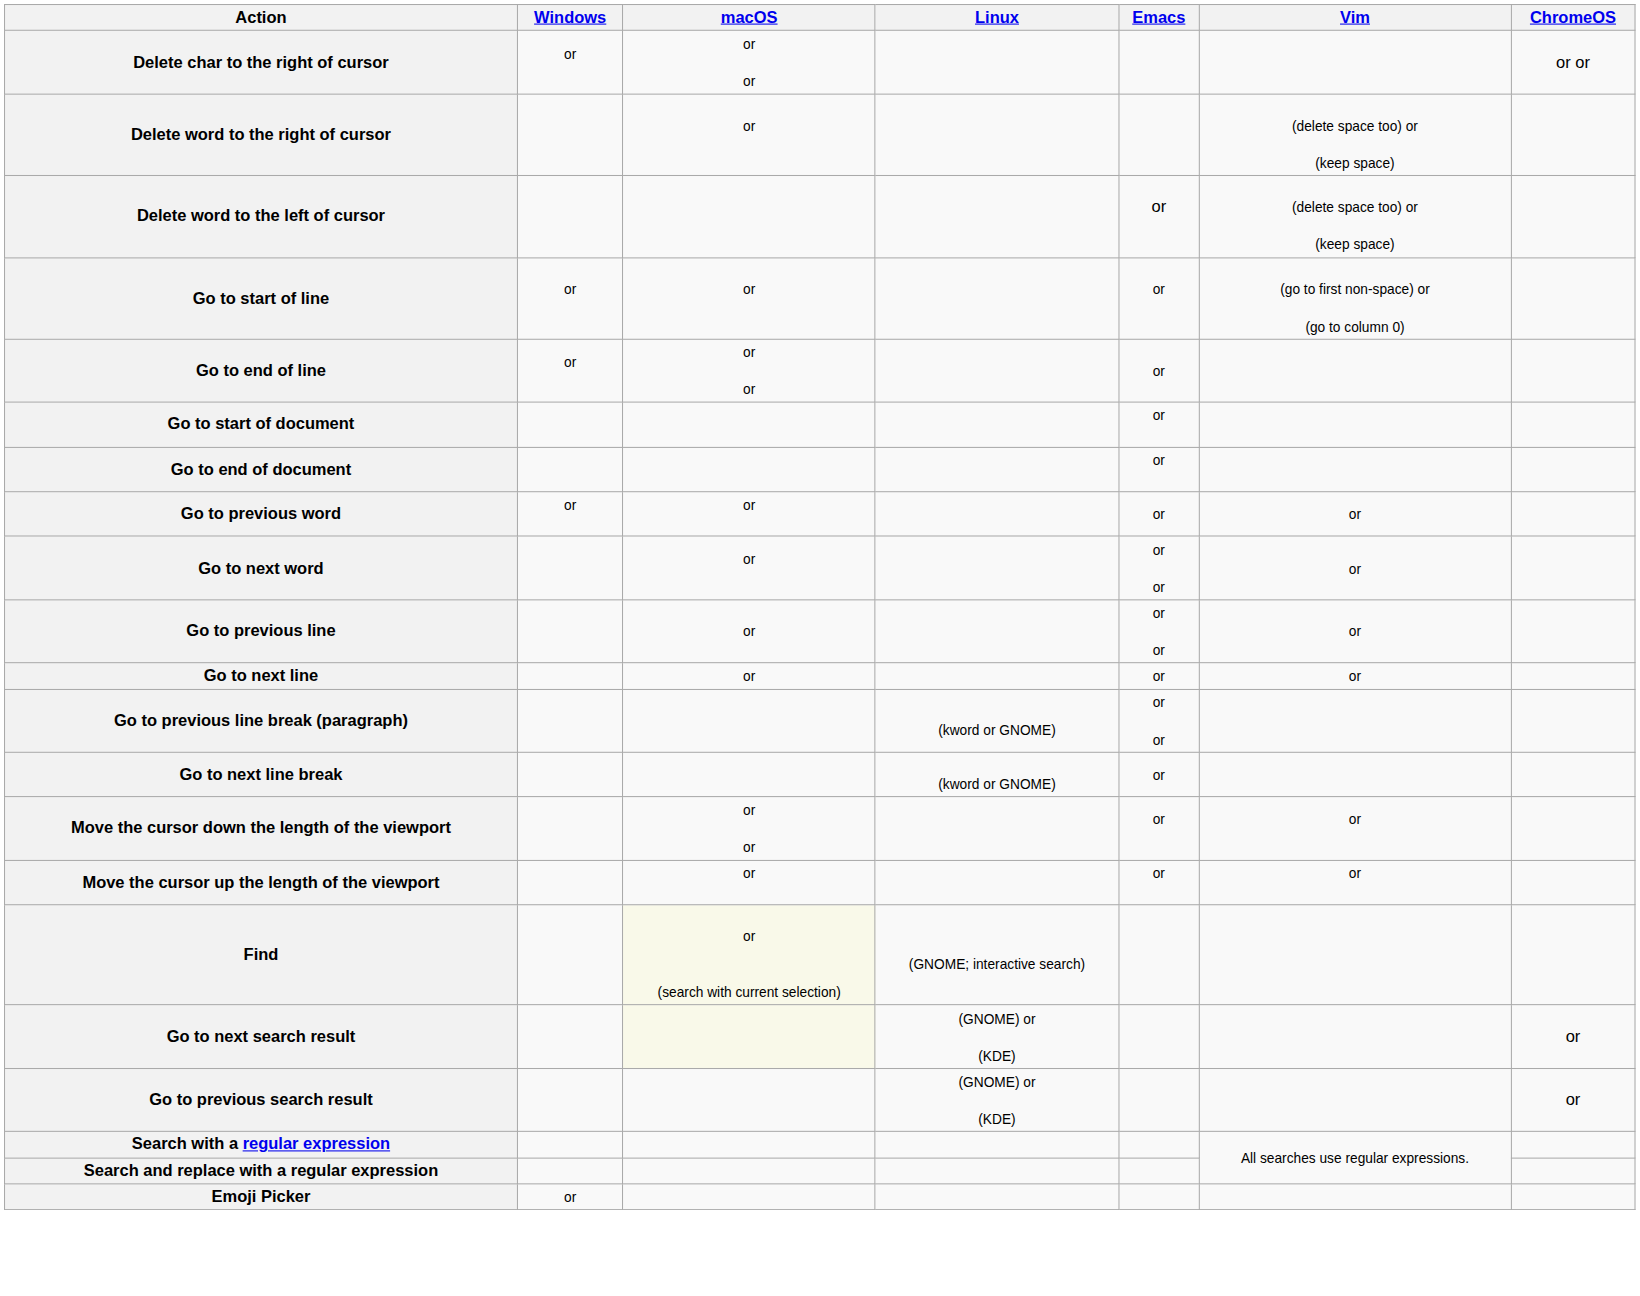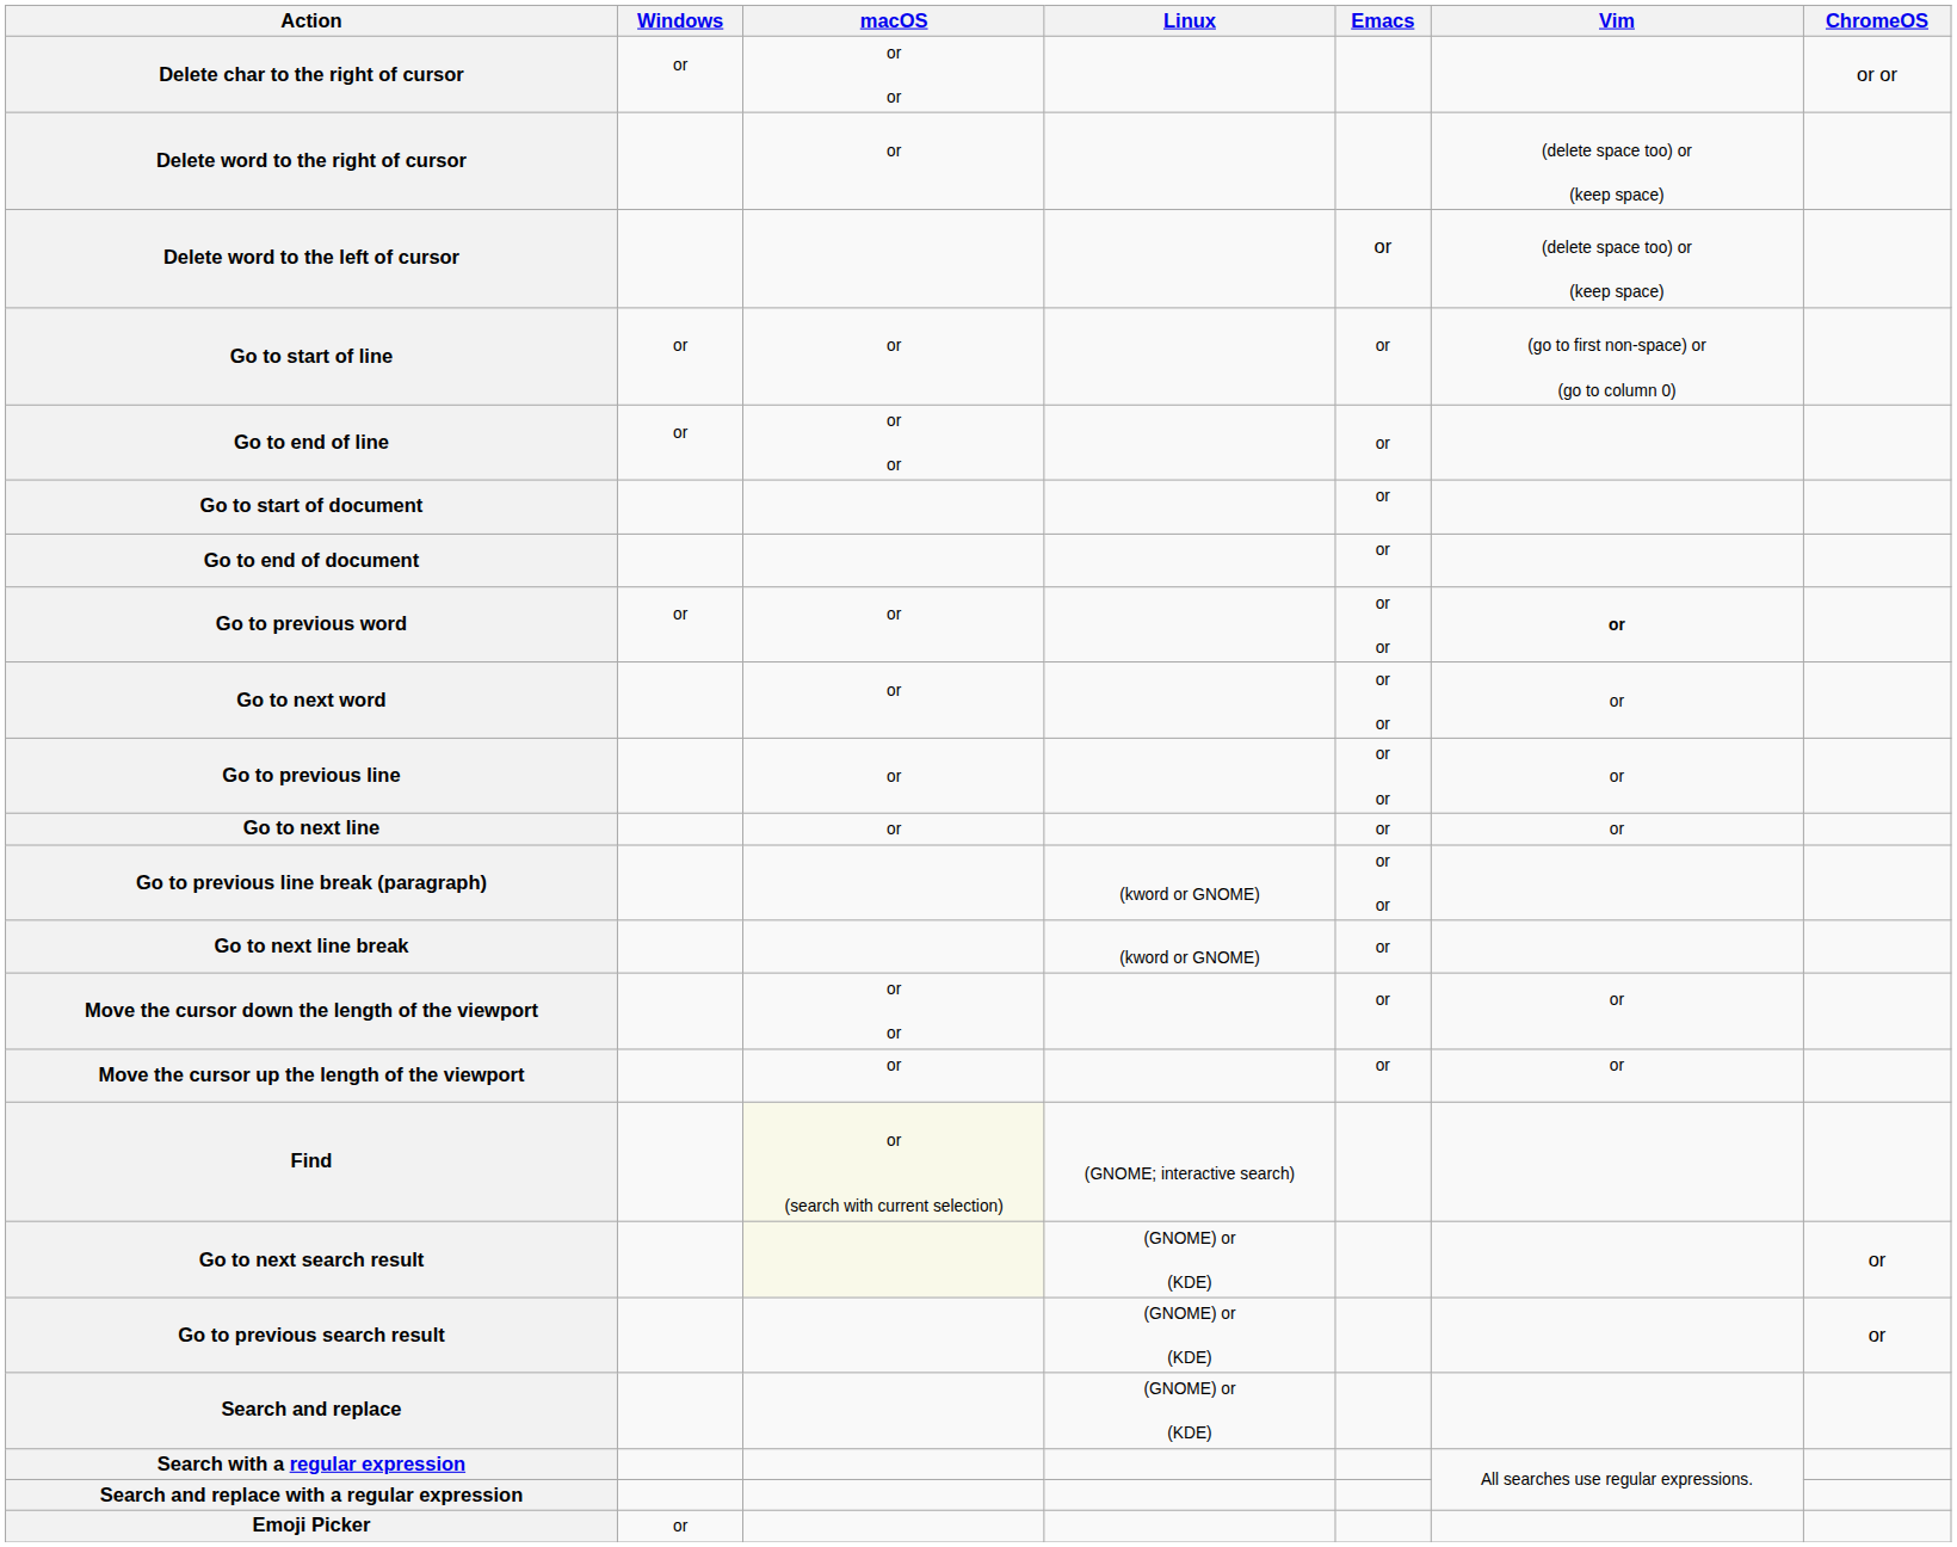 <table class="wikitable" style="width: 100%; text-align: center;">
 <tr>
 <th scope="col">Action</th>
 <th scope="col"><a href='#'>Windows</a></th>
 <th scope="col"><a href='#'>macOS</a></th>
 <th scope="col"><a href='#'>Linux</a></th>
 <th scope="col"><a href='#'>Emacs</a></th>
 <th scope="col"><a href='#'>Vim</a></th>
 <th scope="col"><a href='#'>ChromeOS</a></th>
 </tr>
 <tr>
 <th scope="row">Delete char to the right of cursor</th>
 <td> <small>or</small><br><br><small></small></td>
 <td> <small>or</small><br><br><small></small> <small>or</small><br> </td>
 <td></td>
 <td></td>
 <td></td>
 <td> or  or </td>
 </tr>
 <tr>
 <th scope="row">Delete word to the right of cursor</th>
 <td></td>
 <td> <small>or</small><br><br><small></small></td>
 <td></td>
 <td></td>
 <td><br> <small>(delete space too) or</small><br><br> <small>(keep space)</small></td>
 <td></td>
 </tr>
 <tr>
 <th scope="row">Delete word to the left of cursor</th>
 <td><small></small></td>
 <td><small></small></td>
 <td><small></small></td>
 <td><small></small> or<br><br><small></small></td>
 <td><br> <small>(delete space too) or</small><br><br> <small>(keep space)</small></td>
 <td></td>
 </tr>
 <tr>
 <th scope="row">Go to start of line</th>
 <td> <small>or</small><br><br></td>
 <td> <small>or</small><br><br></td>
 <td></td>
 <td> <small>or</small><br><br></td>
 <td><br> <small>(go to first non-space) or</small><br> <br> <small>(go to column 0)</small></td>
 <td></td>
 </tr>
 <tr>
 <th scope="row">Go to end of line</th>
 <td> <small>or</small><br><br></td>
 <td> <small>or</small><br><br><small></small> <small>or</small><br> </td>
 <td></td>
 <td> <br><small>or</small><br><br></td>
 <td></td>
 <td></td>
 </tr>
 <tr>
 <th scope="row">Go to start of document</th>
 <td></td>
 <td></td>
 <td></td>
 <td> <small>or</small><br><br></td>
 <td></td>
 <td></td>
 </tr>
 <tr>
 <th scope="row">Go to end of document</th>
 <td></td>
 <td></td>
 <td></td>
 <td> <small>or</small><br><br></td>
 <td></td>
 <td></td>
 </tr>
 <tr>
 <th scope="row">Go to previous word</th>
 <td> <small>or</small><br><br></td>
 <td> <small>or</small><br><br></td>
 <td></td>
-<td> <small>or</small> </td>
-<td> <small>or</small><br> </td>
+<td> <small>or</small><br><br> <small>or</small><br> </td>
+<td><strong> <small>or</small><br> </strong></td>
 <td></td>
 </tr>
 <tr>
 <th scope="row">Go to next word</th>
 <td></td>
 <td> <small>or</small><br><br></td>
 <td></td>
 <td> <small>or</small><br><br> <small>or</small><br> </td>
 <td> <small>or</small> </td>
 <td></td>
 </tr>
 <tr>
 <th scope="row">Go to previous line</th>
 <td></td>
 <td> <small>or</small><br> </td>
 <td></td>
 <td> <small>or</small><br><br> <small>or</small><br> </td>
 <td> <small>or</small> </td>
 <td></td>
 </tr>
 <tr>
 <th scope="row">Go to next line</th>
 <td></td>
 <td> <small>or</small><br> </td>
 <td></td>
 <td> <small>or</small> </td>
 <td> <small>or</small> </td>
 <td></td>
 </tr>
 <tr>
 <th scope="row">Go to previous line break (paragraph)</th>
 <td></td>
 <td></td>
 <td><br> <small>(kword or GNOME)</small></td>
 <td> <small>or</small><br><br> <small>or</small><br> </td>
 <td></td>
 <td></td>
 </tr>
 <tr>
 <th scope="row">Go to next line break</th>
 <td></td>
 <td></td>
 <td><br> <small>(kword or GNOME)</small></td>
 <td> <small>or</small><br> </td>
 <td></td>
 <td></td>
 </tr>
 <tr>
 <th scope="row">Move the cursor down the length of the viewport</th>
 <td></td>
 <td> <small>or</small><br><br> <small>or</small><br> </td>
 <td></td>
 <td> <small>or</small> <br><br></td>
 <td> <small>or</small><br><br></td>
 <td></td>
 </tr>
 <tr>
 <th scope="row">Move the cursor up the length of the viewport</th>
 <td></td>
 <td> <small>or</small><br><br></td>
 <td></td>
 <td> <small>or</small><br><br></td>
 <td> <small>or</small><br><br></td>
 <td></td>
 </tr>
 <tr id="Go to find">
 <th scope="row">Find</th>
 <td></td>
 <td style="background: #f9f9e9;"><br><small>or</small><br><br><br> <small>(search with current selection)</small></td>
 <td><br> <small>(GNOME; interactive search)</small></td>
 <td></td>
 <td></td>
 <td></td>
 </tr>
 <tr>
 <th scope="row">Go to next search result</th>
 <td></td>
 <td style="background: #f9f9e9;"></td>
 <td> <small>(GNOME) or<br></small><br> <small>(KDE)</small></td>
 <td></td>
 <td></td>
 <td> or </td>
 </tr>
 <tr>
 <th scope="row">Go to previous search result</th>
 <td></td>
 <td><small></small></td>
 <td><small> (GNOME) or</small><br><br> <small>(KDE)</small></td>
 <td></td>
 <td></td>
 <td> or </td>
 </tr>
 <tr>
+<th scope="row">Search and replace</th>
+<td></td>
+<td></td>
+<td> <small>(GNOME) or</small><br><br> <small>(KDE)</small></td>
+<td></td>
+<td></td>
+<td></td>
+</tr>
+<tr>
 <th scope="row">Search with a <a href='#'>regular expression</a></th>
 <td></td>
 <td></td>
 <td></td>
 <td></td>
 <td rowspan="2"><small>All searches use regular expressions.</small></td>
 <td></td>
 </tr>
 <tr>
 <th scope="row">Search and replace with a regular expression</th>
 <td></td>
 <td></td>
 <td></td>
 <td></td>
 <td></td>
 </tr>
 <tr>
 <th scope="row">Emoji Picker</th>
 <td> <small>or</small> <br></td>
 <td></td>
 <td></td>
 <td></td>
 <td></td>
 <td></td>
 </tr>
 </table>
